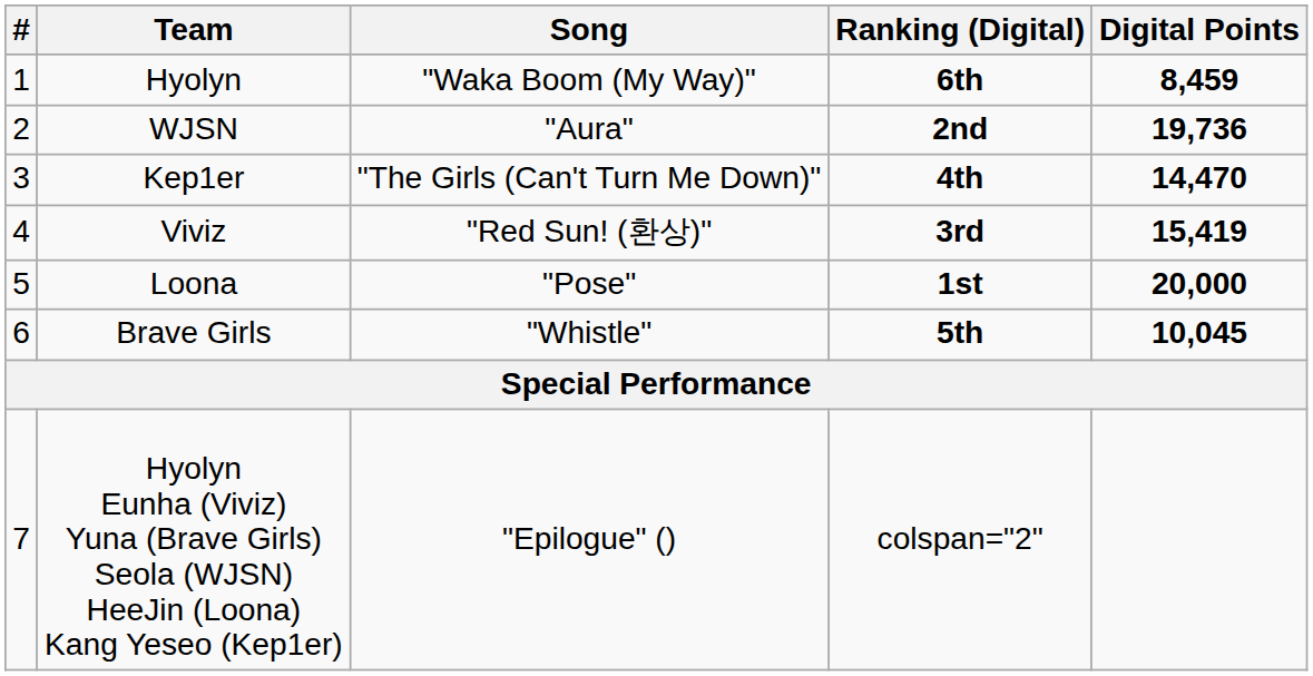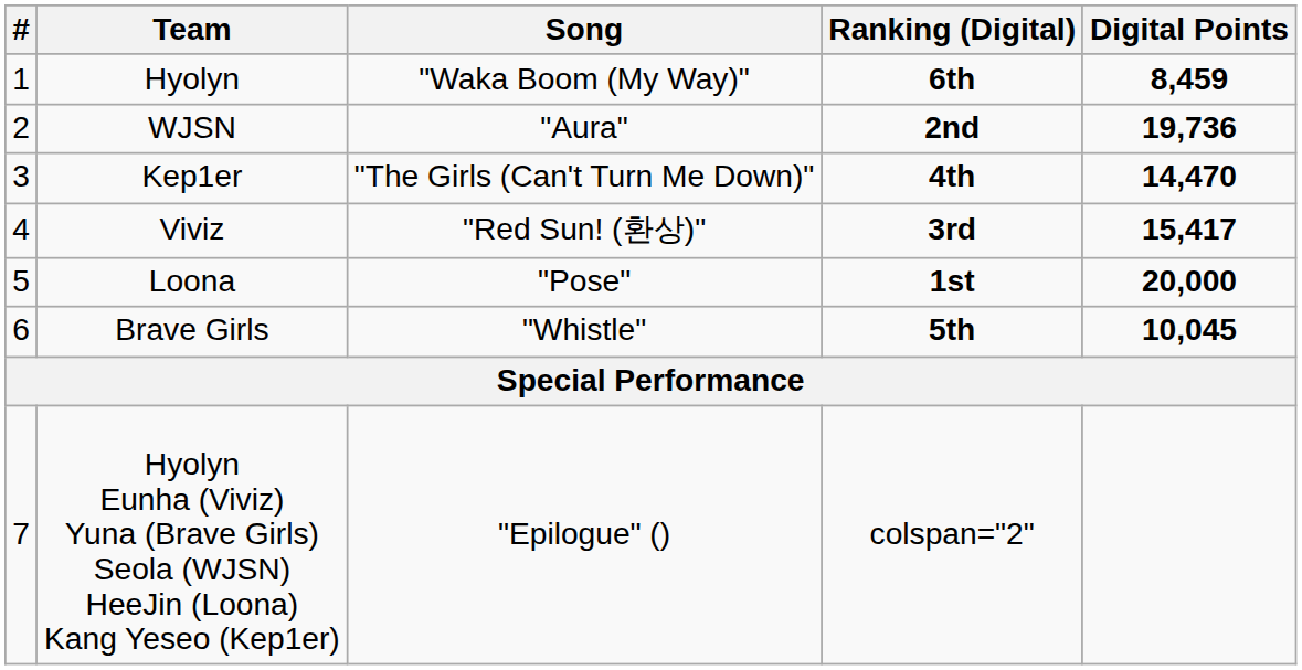 <table class="wikitable plainrowheaders sortable" style="text-align:center">
 <tr>
 <th scope="col">#</th>
 <th scope="col">Team</th>
 <th scope="col">Song</th>
 <th scope="col">Ranking (Digital)</th>
 <th scope="col">Digital Points</th>
 </tr>
 <tr>
 <td>1</td>
 <td>Hyolyn</td>
 <td>"Waka Boom (My Way)"<br></td>
 <td><strong>6th</strong></td>
 <td><strong>8,459</strong></td>
 </tr>
 <tr>
 <td>2</td>
 <td>WJSN</td>
 <td>"Aura"</td>
 <td><strong>2nd</strong></td>
 <td><strong>19,736</strong></td>
 </tr>
 <tr>
 <td>3</td>
 <td>Kep1er</td>
 <td>"The Girls (Can't Turn Me Down)"</td>
 <td><strong>4th</strong></td>
 <td><strong>14,470</strong></td>
 </tr>
 <tr>
 <td>4</td>
 <td>Viviz</td>
 <td>"Red Sun! (환상)"</td>
 <td><strong>3rd</strong></td>
-<td><strong>15,419</strong></td>
+<td><strong>15,417</strong></td>
 </tr>
 <tr>
 <td>5</td>
 <td>Loona</td>
 <td>"Pose"</td>
 <td><strong>1st</strong></td>
 <td><strong>20,000</strong></td>
 </tr>
 <tr>
 <td>6</td>
 <td>Brave Girls</td>
 <td>"Whistle"</td>
 <td><strong>5th</strong></td>
 <td><strong>10,045</strong></td>
 </tr>
 <tr>
 <th colspan="5">Special Performance</th>
 </tr>
 <tr>
 <td>7</td>
 <td><br>Hyolyn<br> Eunha (Viviz)<br> Yuna (Brave Girls)<br> Seola (WJSN)<br> HeeJin (Loona)<br> Kang Yeseo (Kep1er)</td>
 <td>"Epilogue" ()</td>
 <td>colspan="2"</td>
 </tr>
 </table>
